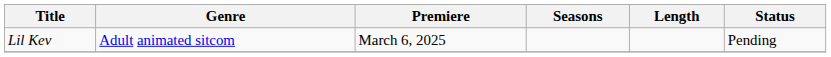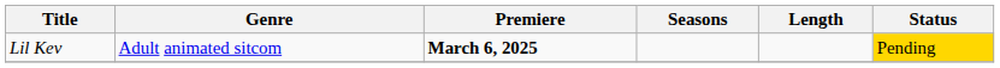 <table class="wikitable sortable" style="width:100%;">
 <tr>
 <th>Title</th>
 <th>Genre</th>
 <th>Premiere</th>
 <th>Seasons</th>
 <th>Length</th>
 <th>Status</th>
 </tr>
 <tr>
 <td><em>Lil Kev</em></td>
 <td><a href='#'>Adult</a> <a href='#'>animated sitcom</a></td>
-<td>March 6, 2025</td>
+<td><strong>March 6, 2025</strong></td>
 <td></td>
 <td></td>
-<td>Pending</td>
+<td style="background: gold;">Pending</td>
 </tr>
 <tr>
 </tr>
 </table>
